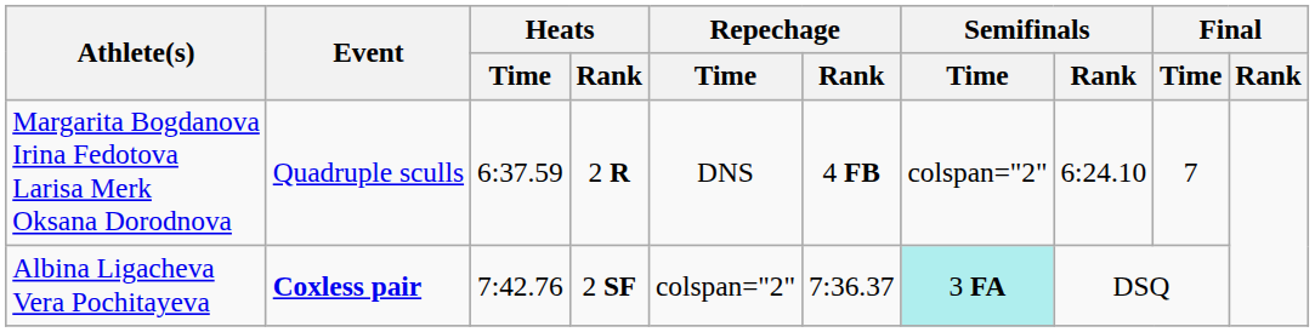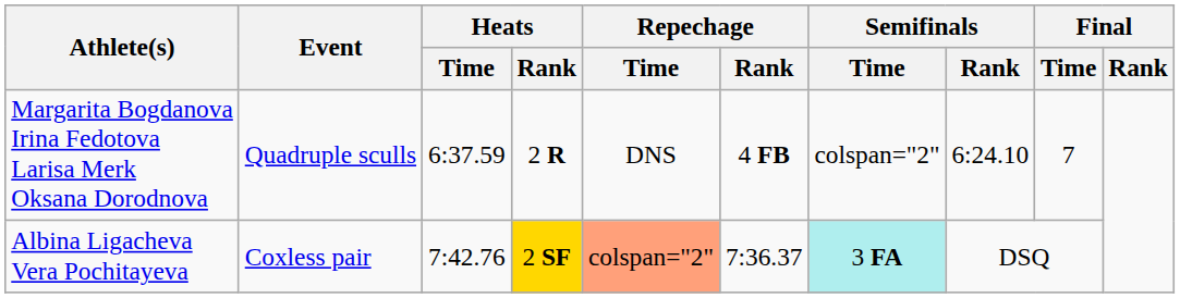 <table class="wikitable" style="font-size:90%">
 <tr>
 <th rowspan="2">Athlete(s)</th>
 <th rowspan="2">Event</th>
 <th colspan="2">Heats</th>
 <th colspan="2">Repechage</th>
 <th colspan="2">Semifinals</th>
 <th colspan="2">Final</th>
 </tr>
 <tr>
 <th>Time</th>
 <th>Rank</th>
 <th>Time</th>
 <th>Rank</th>
 <th>Time</th>
 <th>Rank</th>
 <th>Time</th>
 <th>Rank</th>
 </tr>
 <tr align=center>
 <td align=left><a href='#'>Margarita Bogdanova</a><br><a href='#'>Irina Fedotova</a><br><a href='#'>Larisa Merk</a><br><a href='#'>Oksana Dorodnova</a></td>
 <td align=left><a href='#'>Quadruple sculls</a></td>
 <td>6:37.59</td>
 <td>2 <strong>R</strong></td>
 <td>DNS</td>
 <td>4 <strong>FB</strong></td>
 <td>colspan="2" </td>
 <td>6:24.10</td>
 <td>7</td>
 </tr>
 <tr align=center>
 <td align=left><a href='#'>Albina Ligacheva</a><br><a href='#'>Vera Pochitayeva</a></td>
-<td align=left><strong><a href='#'>Coxless pair</a></strong></td>
+<td align=left><a href='#'>Coxless pair</a></td>
 <td>7:42.76</td>
-<td>2 <strong>SF</strong></td>
-<td>colspan="2" </td>
+<td style="background: gold;">2 <strong>SF</strong></td>
+<td style="background: lightsalmon;">colspan="2" </td>
 <td>7:36.37</td>
 <td style="background: paleturquoise;">3 <strong>FA</strong></td>
 <td colspan="2">DSQ</td>
 </tr>
 </table>
